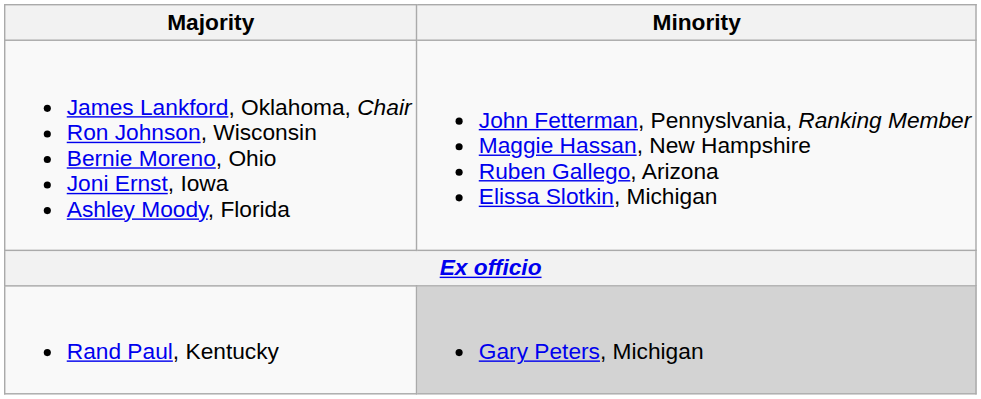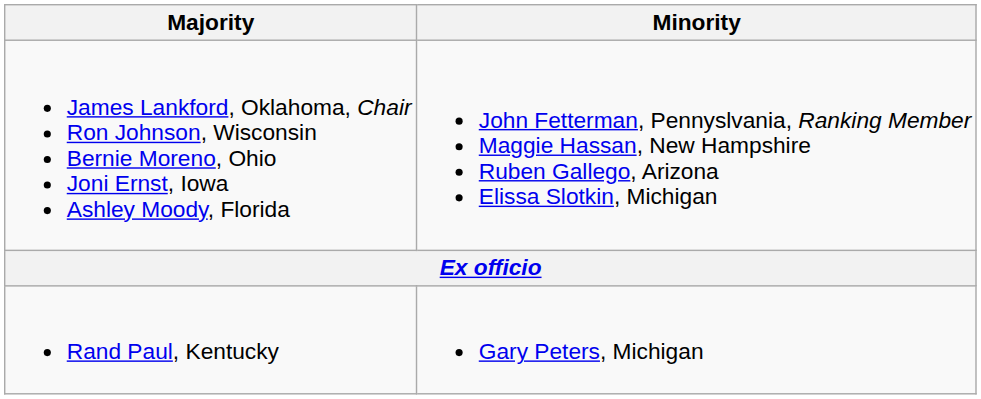 <table class=wikitable>
 <tr>
 <th>Majority</th>
 <th>Minority</th>
 </tr>
 <tr>
 <td><br><ul><li><a href='#'>James Lankford</a>, Oklahoma, <em>Chair</em></li><li><a href='#'>Ron Johnson</a>, Wisconsin</li><li><a href='#'>Bernie Moreno</a>, Ohio</li><li><a href='#'>Joni Ernst</a>, Iowa</li><li><a href='#'>Ashley Moody</a>, Florida</li></ul></td>
 <td><br><ul><li><a href='#'>John Fetterman</a>, Pennyslvania, <em>Ranking Member</em></li><li><a href='#'>Maggie Hassan</a>, New Hampshire</li><li><a href='#'>Ruben Gallego</a>, Arizona</li><li><a href='#'>Elissa Slotkin</a>, Michigan</li></ul></td>
 </tr>
 <tr>
 <th colspan=2><em><a href='#'>Ex officio</a></em></th>
 </tr>
 <tr>
 <td><br><ul><li><a href='#'>Rand Paul</a>, Kentucky</li></ul></td>
-<td style="background: lightgrey;"><br><ul><li><a href='#'>Gary Peters</a>, Michigan</li></ul></td>
+<td><br><ul><li><a href='#'>Gary Peters</a>, Michigan</li></ul></td>
 </tr>
 </table>
